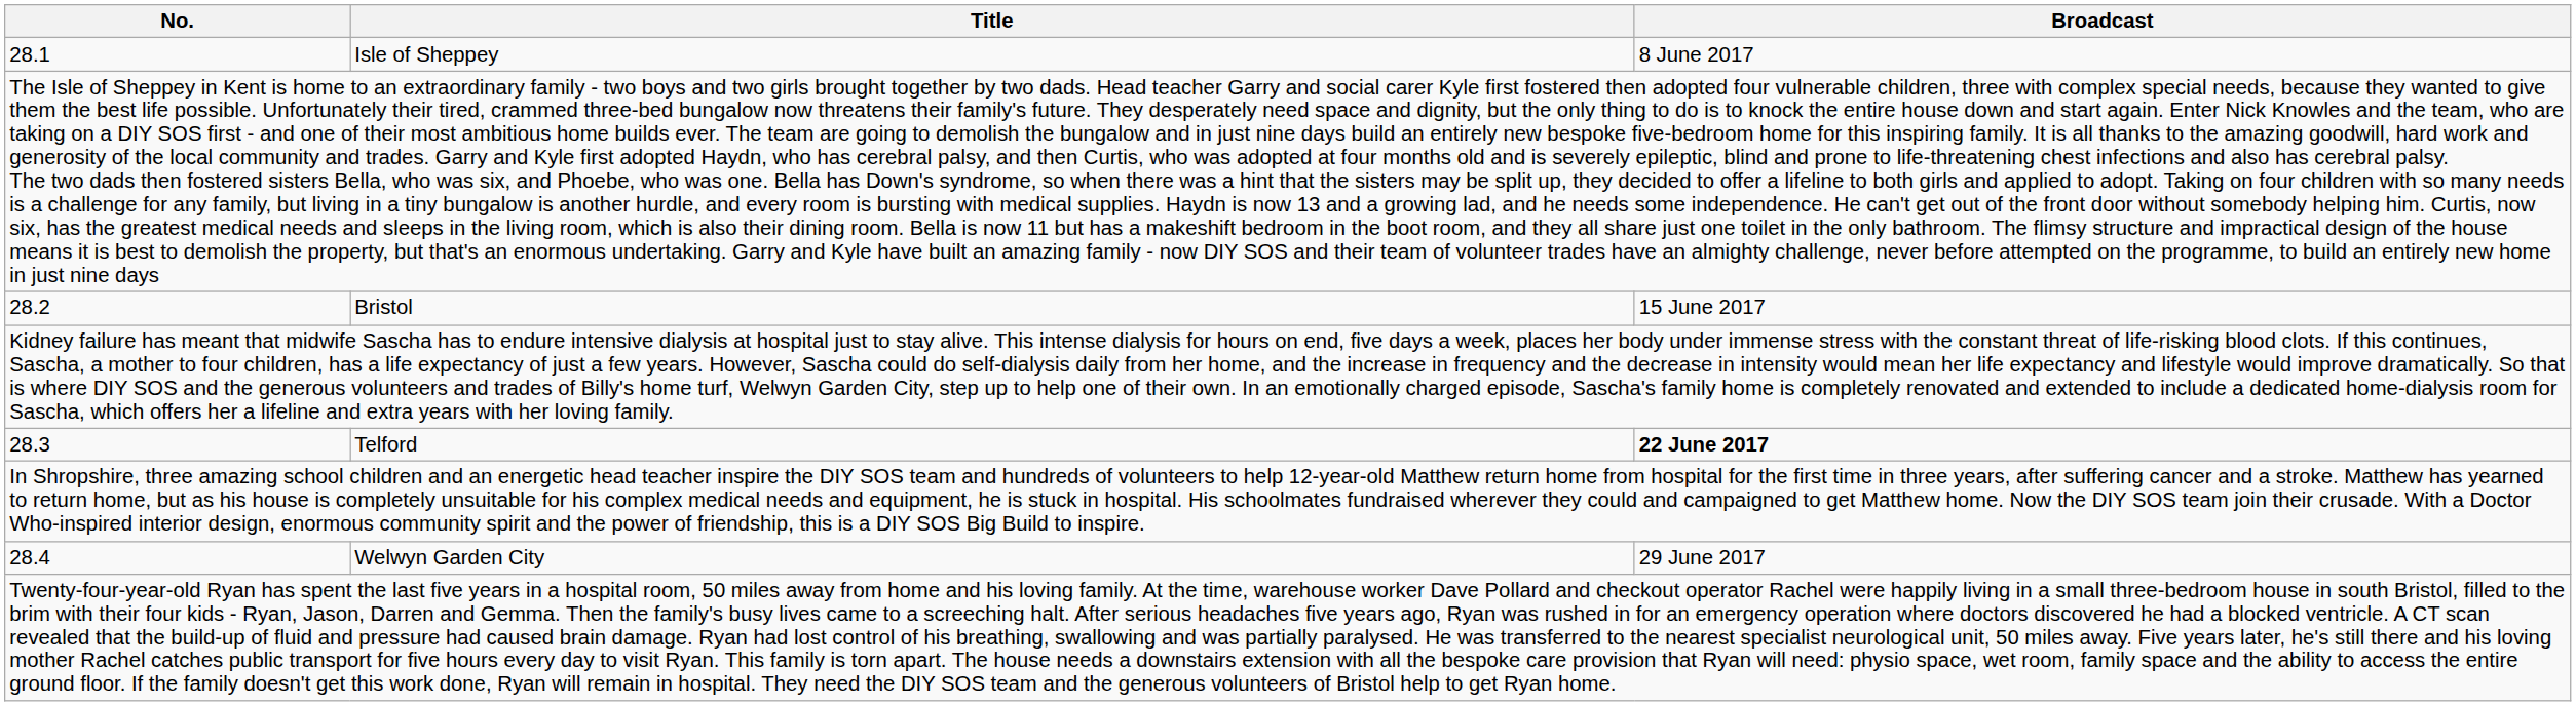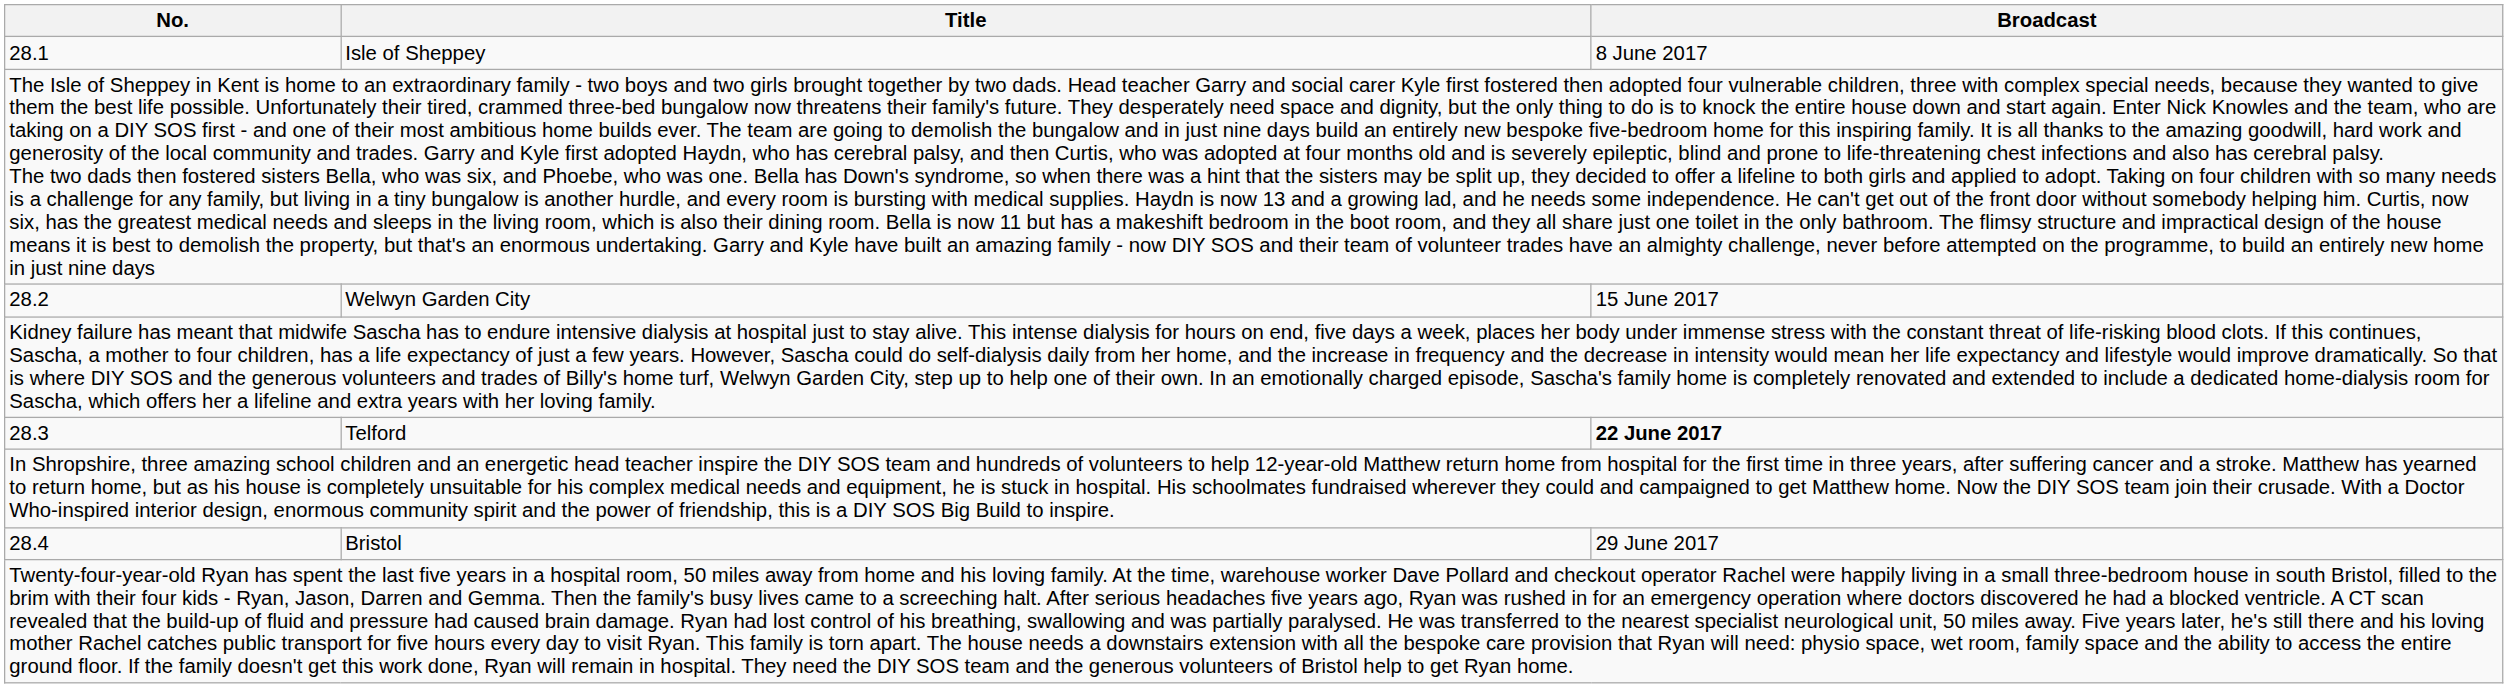 <table class="wikitable">
 <tr>
 <th>No.</th>
 <th>Title</th>
 <th>Broadcast</th>
 </tr>
 <tr>
 <td>28.1</td>
 <td>Isle of Sheppey</td>
 <td>8 June 2017</td>
 </tr>
 <tr>
 <td colspan="3">The Isle of Sheppey in Kent is home to an extraordinary family - two boys and two girls brought together by two dads. Head teacher Garry and social carer Kyle first fostered then adopted four vulnerable children, three with complex special needs, because they wanted to give them the best life possible. Unfortunately their tired, crammed three-bed bungalow now threatens their family's future. They desperately need space and dignity, but the only thing to do is to knock the entire house down and start again. Enter Nick Knowles and the team, who are taking on a DIY SOS first - and one of their most ambitious home builds ever. The team are going to demolish the bungalow and in just nine days build an entirely new bespoke five-bedroom home for this inspiring family. It is all thanks to the amazing goodwill, hard work and generosity of the local community and trades. Garry and Kyle first adopted Haydn, who has cerebral palsy, and then Curtis, who was adopted at four months old and is severely epileptic, blind and prone to life-threatening chest infections and also has cerebral palsy.<br>The two dads then fostered sisters Bella, who was six, and Phoebe, who was one. Bella has Down's syndrome, so when there was a hint that the sisters may be split up, they decided to offer a lifeline to both girls and applied to adopt. Taking on four children with so many needs is a challenge for any family, but living in a tiny bungalow is another hurdle, and every room is bursting with medical supplies. Haydn is now 13 and a growing lad, and he needs some independence. He can't get out of the front door without somebody helping him. Curtis, now six, has the greatest medical needs and sleeps in the living room, which is also their dining room. Bella is now 11 but has a makeshift bedroom in the boot room, and they all share just one toilet in the only bathroom. The flimsy structure and impractical design of the house means it is best to demolish the property, but that's an enormous undertaking. Garry and Kyle have built an amazing family - now DIY SOS and their team of volunteer trades have an almighty challenge, never before attempted on the programme, to build an entirely new home in just nine days</td>
 </tr>
 <tr>
 <td>28.2</td>
-<td>Bristol</td>
+<td>Welwyn Garden City</td>
 <td>15 June 2017</td>
 </tr>
 <tr>
 <td colspan="3">Kidney failure has meant that midwife Sascha has to endure intensive dialysis at hospital just to stay alive. This intense dialysis for hours on end, five days a week, places her body under immense stress with the constant threat of life-risking blood clots. If this continues, Sascha, a mother to four children, has a life expectancy of just a few years. However, Sascha could do self-dialysis daily from her home, and the increase in frequency and the decrease in intensity would mean her life expectancy and lifestyle would improve dramatically. So that is where DIY SOS and the generous volunteers and trades of Billy's home turf, Welwyn Garden City, step up to help one of their own. In an emotionally charged episode, Sascha's family home is completely renovated and extended to include a dedicated home-dialysis room for Sascha, which offers her a lifeline and extra years with her loving family.</td>
 </tr>
 <tr>
 <td>28.3</td>
 <td>Telford</td>
 <td><strong>22 June 2017</strong></td>
 </tr>
 <tr>
 <td colspan="3">In Shropshire, three amazing school children and an energetic head teacher inspire the DIY SOS team and hundreds of volunteers to help 12-year-old Matthew return home from hospital for the first time in three years, after suffering cancer and a stroke. Matthew has yearned to return home, but as his house is completely unsuitable for his complex medical needs and equipment, he is stuck in hospital. His schoolmates fundraised wherever they could and campaigned to get Matthew home. Now the DIY SOS team join their crusade. With a Doctor Who-inspired interior design, enormous community spirit and the power of friendship, this is a DIY SOS Big Build to inspire.</td>
 </tr>
 <tr>
 <td>28.4</td>
-<td>Welwyn Garden City</td>
+<td>Bristol</td>
 <td>29 June 2017</td>
 </tr>
 <tr>
 <td colspan="3">Twenty-four-year-old Ryan has spent the last five years in a hospital room, 50 miles away from home and his loving family. At the time, warehouse worker Dave Pollard and checkout operator Rachel were happily living in a small three-bedroom house in south Bristol, filled to the brim with their four kids - Ryan, Jason, Darren and Gemma. Then the family's busy lives came to a screeching halt. After serious headaches five years ago, Ryan was rushed in for an emergency operation where doctors discovered he had a blocked ventricle. A CT scan revealed that the build-up of fluid and pressure had caused brain damage. Ryan had lost control of his breathing, swallowing and was partially paralysed. He was transferred to the nearest specialist neurological unit, 50 miles away. Five years later, he's still there and his loving mother Rachel catches public transport for five hours every day to visit Ryan. This family is torn apart. The house needs a downstairs extension with all the bespoke care provision that Ryan will need: physio space, wet room, family space and the ability to access the entire ground floor. If the family doesn't get this work done, Ryan will remain in hospital. They need the DIY SOS team and the generous volunteers of Bristol help to get Ryan home.</td>
 </tr>
 </table>
